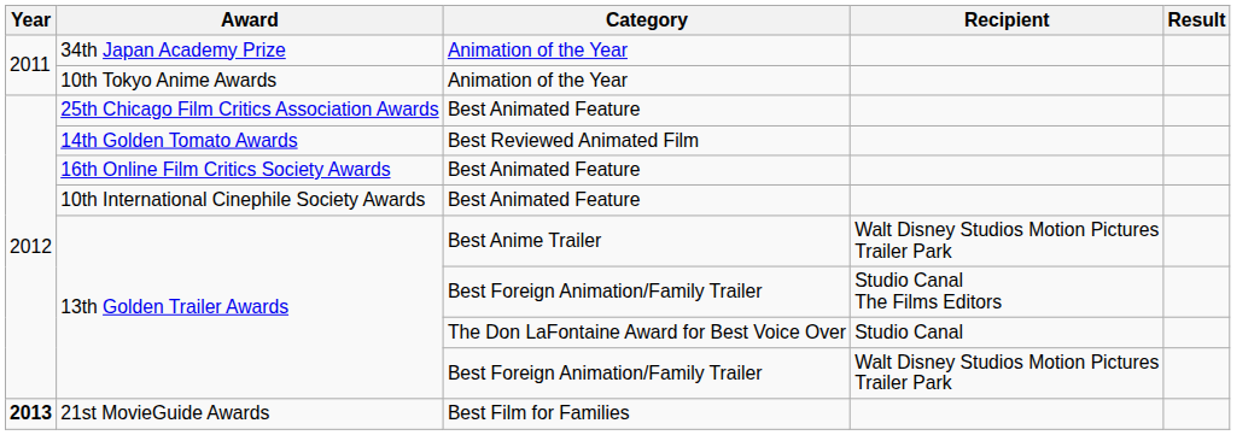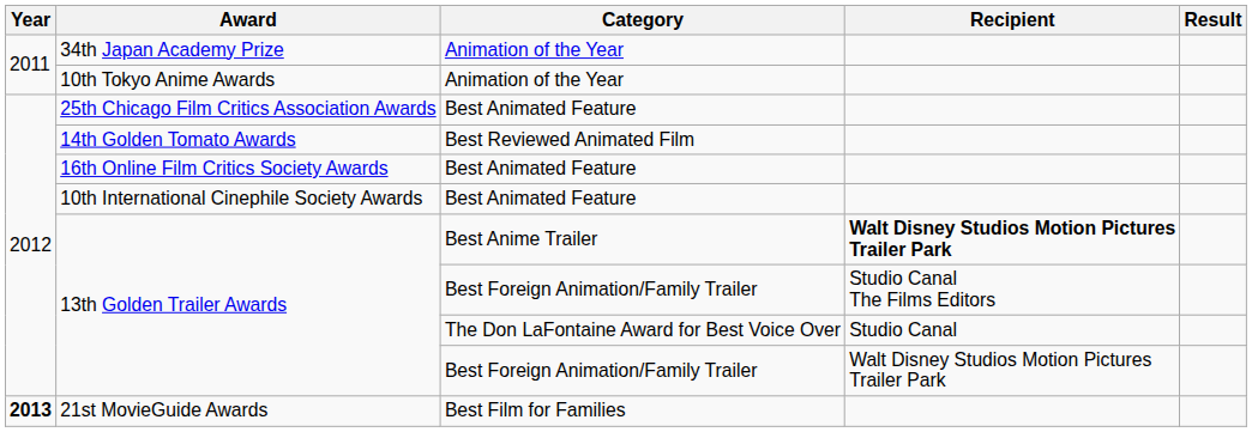 <table class="wikitable">
 <tr>
 <th>Year</th>
 <th>Award</th>
 <th>Category</th>
 <th>Recipient</th>
 <th>Result</th>
 </tr>
 <tr>
 <td rowspan="2">2011</td>
 <td>34th <a href='#'>Japan Academy Prize</a></td>
 <td><a href='#'>Animation of the Year</a></td>
 <td></td>
 <td></td>
 </tr>
 <tr>
 <td>10th Tokyo Anime Awards</td>
 <td>Animation of the Year</td>
 <td></td>
 <td></td>
 </tr>
 <tr>
 <td rowspan="8">2012</td>
 <td><a href='#'>25th Chicago Film Critics Association Awards</a></td>
 <td>Best Animated Feature</td>
 <td></td>
 <td></td>
 </tr>
 <tr>
 <td><a href='#'>14th Golden Tomato Awards</a></td>
 <td>Best Reviewed Animated Film</td>
 <td></td>
 <td></td>
 </tr>
 <tr>
 <td><a href='#'>16th Online Film Critics Society Awards</a></td>
 <td>Best Animated Feature</td>
 <td></td>
 <td></td>
 </tr>
 <tr>
 <td>10th International Cinephile Society Awards</td>
 <td>Best Animated Feature</td>
 <td></td>
 <td></td>
 </tr>
 <tr>
 <td rowspan="4">13th <a href='#'>Golden Trailer Awards</a></td>
 <td>Best Anime Trailer</td>
-<td>Walt Disney Studios Motion Pictures<br>Trailer Park</td>
+<td><strong>Walt Disney Studios Motion Pictures<br>Trailer Park</strong></td>
 <td></td>
 </tr>
 <tr>
 <td>Best Foreign Animation/Family Trailer</td>
 <td>Studio Canal<br>The Films Editors</td>
 <td></td>
 </tr>
 <tr>
 <td>The Don LaFontaine Award for Best Voice Over</td>
 <td>Studio Canal</td>
 <td></td>
 </tr>
 <tr>
 <td>Best Foreign Animation/Family Trailer</td>
 <td>Walt Disney Studios Motion Pictures<br>Trailer Park</td>
 <td></td>
 </tr>
 <tr>
 <td><strong>2013</strong></td>
 <td>21st MovieGuide Awards</td>
 <td>Best Film for Families</td>
 <td></td>
 <td></td>
 </tr>
 </table>
